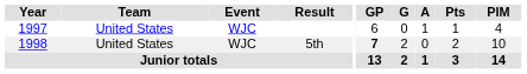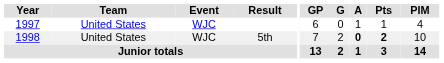 <table border="0" cellpadding="1" cellspacing="0" ID="Table3" style="text-align:center; width:40em">
 <tr ALIGN="center" bgcolor="#e0e0e0">
 <th>Year</th>
 <th>Team</th>
 <th>Event</th>
 <th>Result</th>
 <th rowspan="99" bgcolor="#ffffff"></th>
 <th>GP</th>
 <th>G</th>
 <th>A</th>
 <th>Pts</th>
 <th>PIM</th>
 </tr>
 <tr>
 <td><a href='#'>1997</a></td>
 <td><a href='#'>United States</a></td>
 <td><a href='#'>WJC</a></td>
 <td></td>
 <td>6</td>
 <td>0</td>
 <td>1</td>
 <td>1</td>
 <td>4</td>
 </tr>
 <tr bgcolor="#f0f0f0">
 <td><a href='#'>1998</a></td>
 <td>United States</td>
 <td>WJC</td>
 <td>5th</td>
-<td><strong>7</strong></td>
+<td>7</td>
 <td>2</td>
-<td>0</td>
-<td>2</td>
+<td><strong>0</strong></td>
+<td><strong>2</strong></td>
 <td>10</td>
 </tr>
 <tr bgcolor="#e0e0e0">
 <th colspan="4">Junior totals</th>
 <th>13</th>
 <th>2</th>
 <th>1</th>
 <th>3</th>
 <th>14</th>
 </tr>
 </table>
